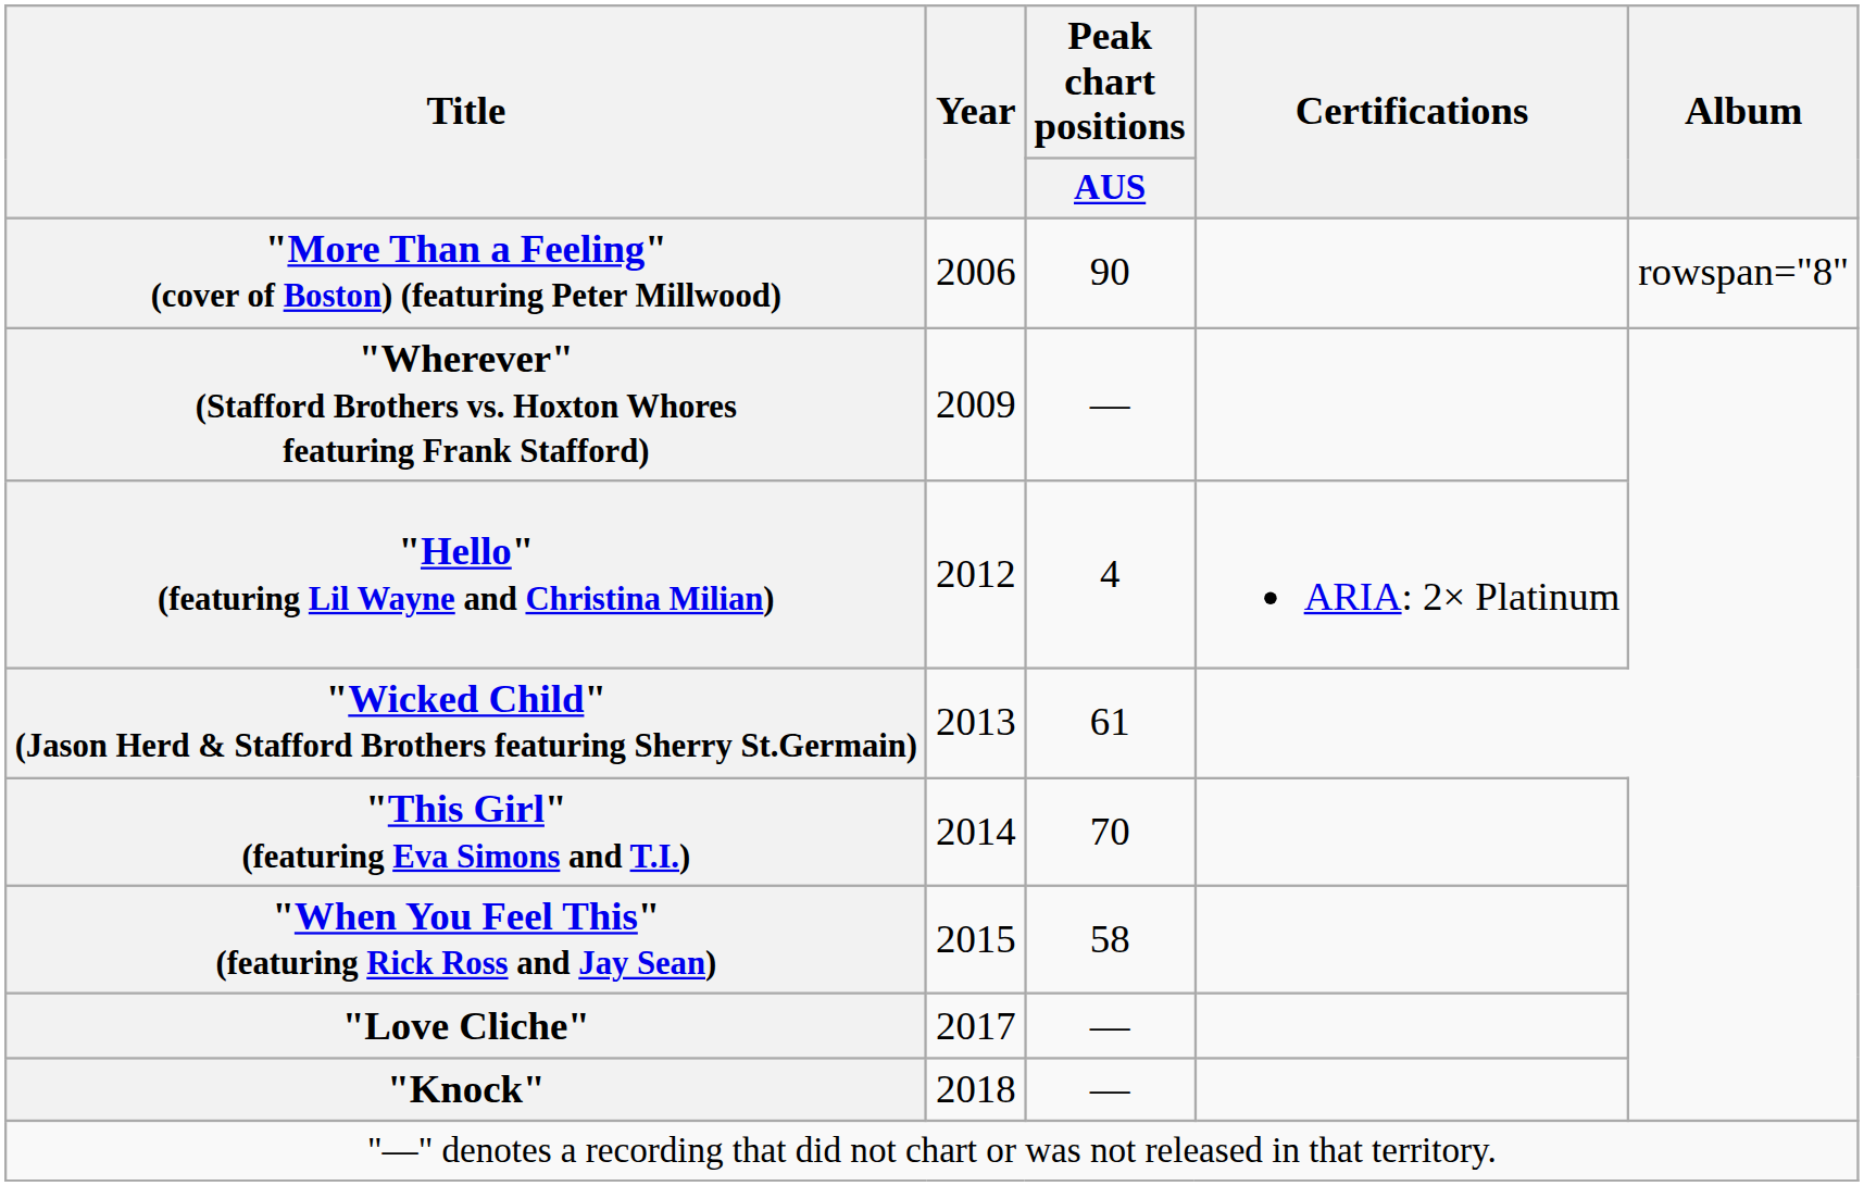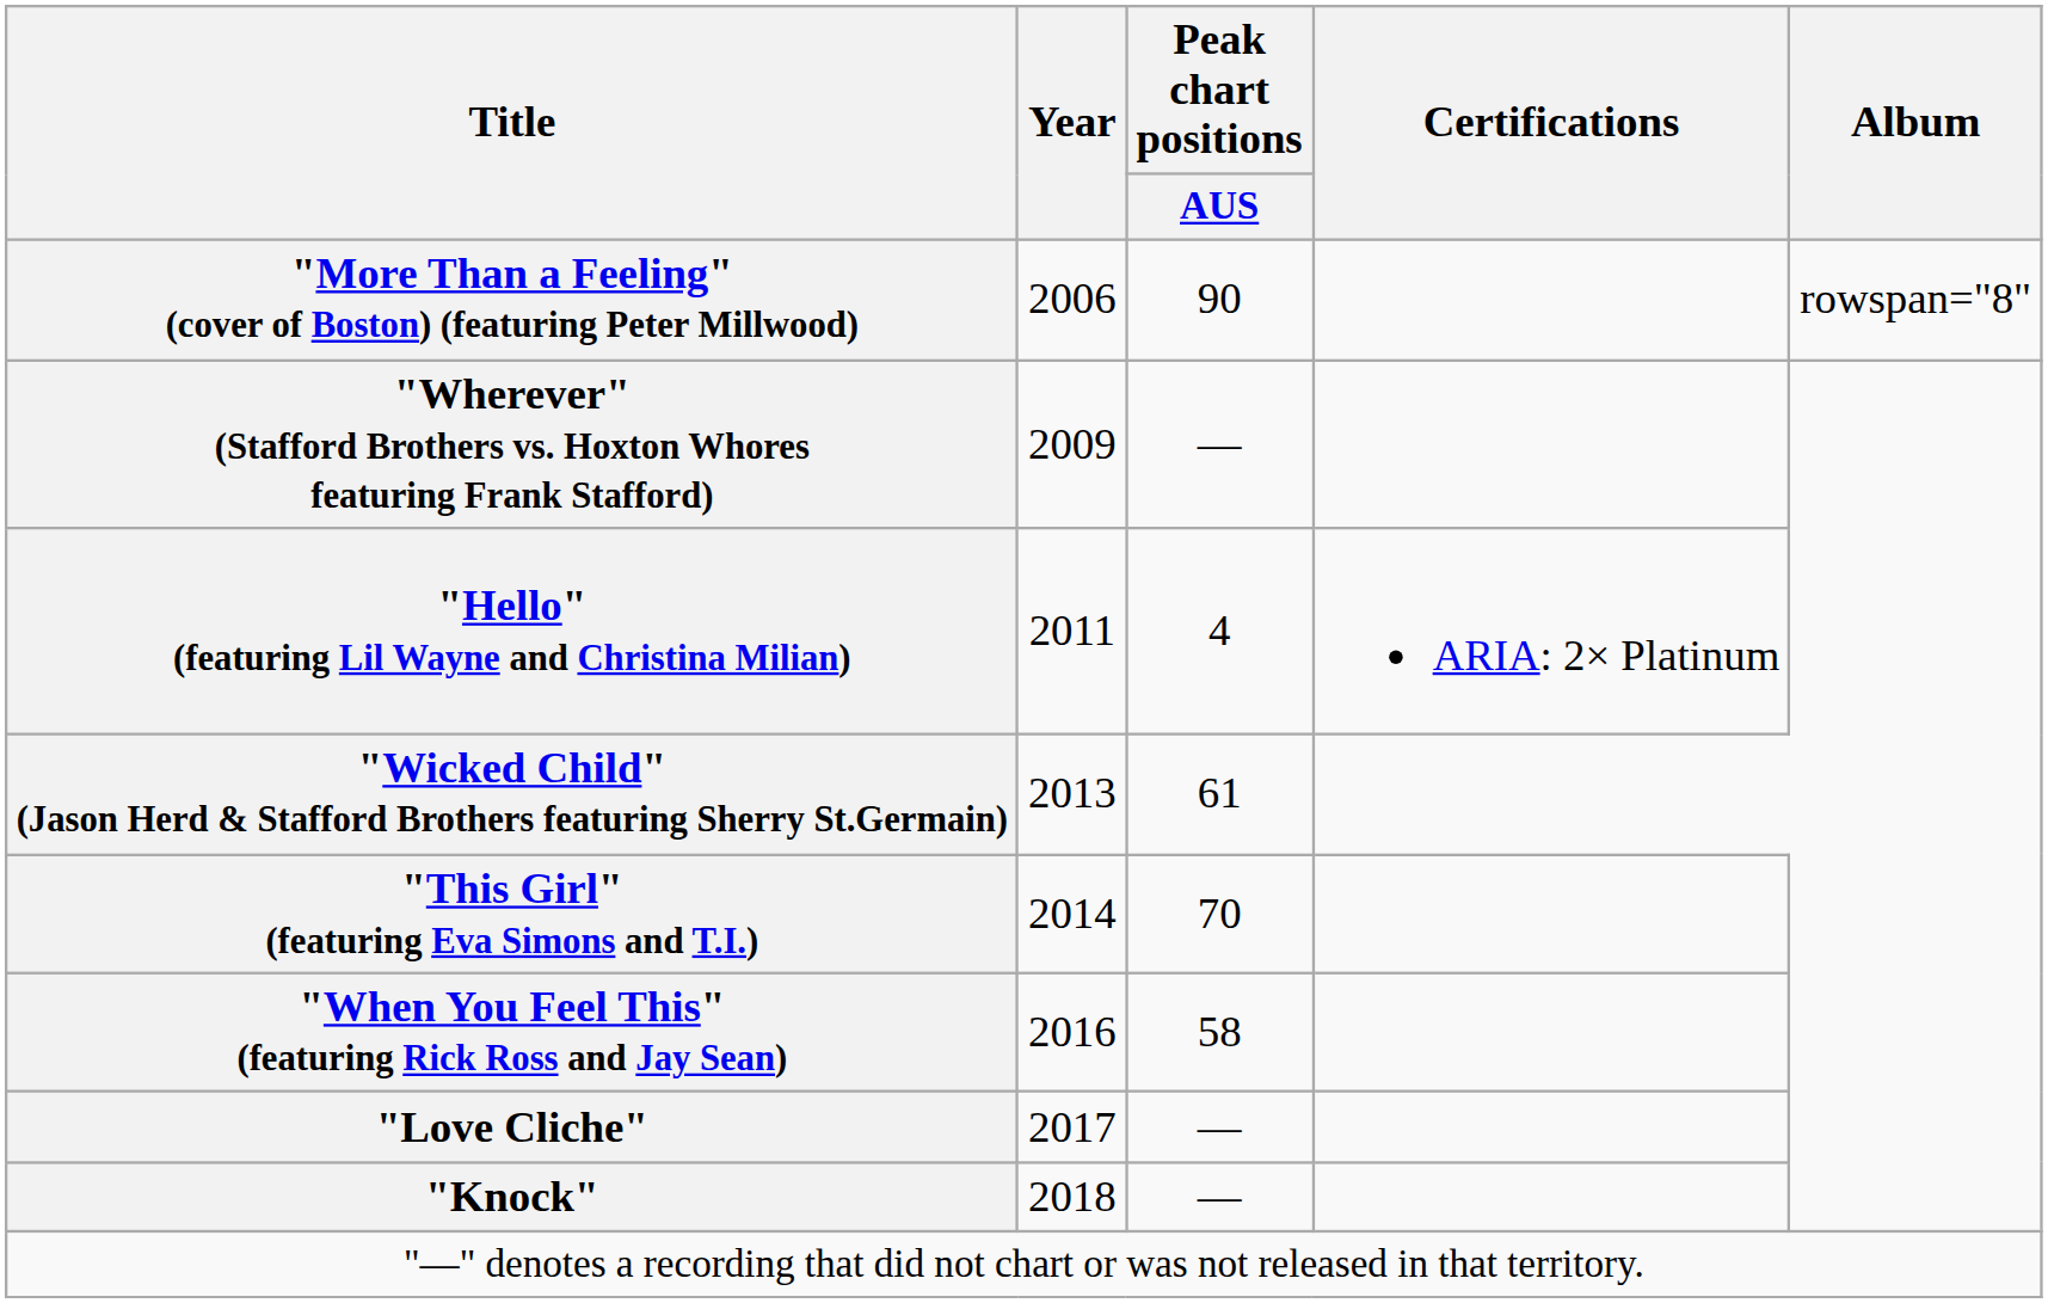 <table class="wikitable plainrowheaders" style="text-align:center;" border="1">
 <tr>
 <th scope="col" rowspan="2">Title</th>
 <th scope="col" rowspan="2">Year</th>
 <th scope="col" colspan="1">Peak chart positions</th>
 <th scope="col" rowspan="2">Certifications</th>
 <th scope="col" rowspan="2">Album</th>
 </tr>
 <tr>
 <th scope="col" style="width:3em;font-size:90%;"><a href='#'>AUS</a><br></th>
 </tr>
 <tr>
 <th scope="row">"<a href='#'>More Than a Feeling</a>"<br><small>(cover of <a href='#'>Boston</a>) (featuring Peter Millwood)</small></th>
 <td>2006</td>
 <td>90</td>
 <td></td>
 <td>rowspan="8" </td>
 </tr>
 <tr>
 <th scope="row">"Wherever"<br><small>(Stafford Brothers vs. Hoxton Whores <br> featuring Frank Stafford)</small></th>
 <td>2009</td>
 <td>—</td>
 <td></td>
 </tr>
 <tr>
 <th scope="row">"<a href='#'>Hello</a>"<br><small>(featuring <a href='#'>Lil Wayne</a> and <a href='#'>Christina Milian</a>)</small></th>
-<td>2012</td>
+<td>2011</td>
 <td>4</td>
 <td><br><ul><li><a href='#'>ARIA</a>: 2× Platinum</li></ul></td>
 </tr>
 <tr>
 <th scope="row">"<a href='#'>Wicked Child</a>"<br><small>(Jason Herd & Stafford Brothers featuring Sherry St.Germain)</small></th>
 <td>2013</td>
 <td>61<br></td>
 </tr>
 <tr>
 <th scope="row">"<a href='#'>This Girl</a>"<br><small>(featuring <a href='#'>Eva Simons</a> and <a href='#'>T.I.</a>)</small></th>
 <td>2014</td>
 <td>70<br></td>
 <td></td>
 </tr>
 <tr>
 <th scope="row">"<a href='#'>When You Feel This</a>"<br><small>(featuring <a href='#'>Rick Ross</a> and <a href='#'>Jay Sean</a>)</small></th>
-<td>2015</td>
+<td>2016</td>
 <td>58<br></td>
 <td></td>
 </tr>
 <tr>
 <th scope="row">"Love Cliche"</th>
 <td>2017</td>
 <td>—</td>
 <td></td>
 </tr>
 <tr>
 <th scope="row">"Knock"</th>
 <td>2018</td>
 <td>—</td>
 <td></td>
 </tr>
 <tr>
 <td colspan="9" style="font-size:90%">"—" denotes a recording that did not chart or was not released in that territory.</td>
 </tr>
 </table>
